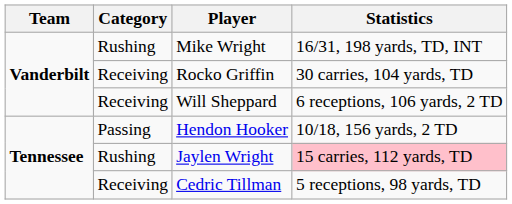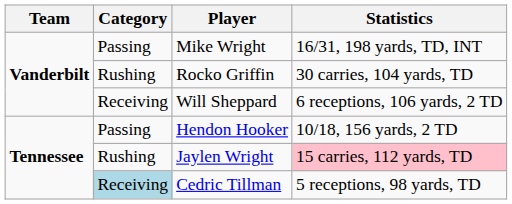 <table class="wikitable" style="float: right;">
 <tr>
 <th>Team</th>
 <th>Category</th>
 <th>Player</th>
 <th>Statistics</th>
 </tr>
 <tr>
 <td rowspan=3><strong>Vanderbilt</strong></td>
-<td>Rushing</td>
+<td>Passing</td>
 <td>Mike Wright</td>
 <td>16/31, 198 yards, TD, INT</td>
 </tr>
 <tr>
-<td>Receiving</td>
+<td>Rushing</td>
 <td>Rocko Griffin</td>
 <td>30 carries, 104 yards, TD</td>
 </tr>
 <tr>
 <td>Receiving</td>
 <td>Will Sheppard</td>
 <td>6 receptions, 106 yards, 2 TD</td>
 </tr>
 <tr>
 <td rowspan=3><strong>Tennessee</strong></td>
 <td>Passing</td>
 <td><a href='#'>Hendon Hooker</a></td>
 <td>10/18, 156 yards, 2 TD</td>
 </tr>
 <tr>
 <td>Rushing</td>
 <td><a href='#'>Jaylen Wright</a></td>
 <td style="background: pink;">15 carries, 112 yards, TD</td>
 </tr>
 <tr>
-<td>Receiving</td>
+<td style="background: lightblue;">Receiving</td>
 <td><a href='#'>Cedric Tillman</a></td>
 <td>5 receptions, 98 yards, TD</td>
 </tr>
 </table>
